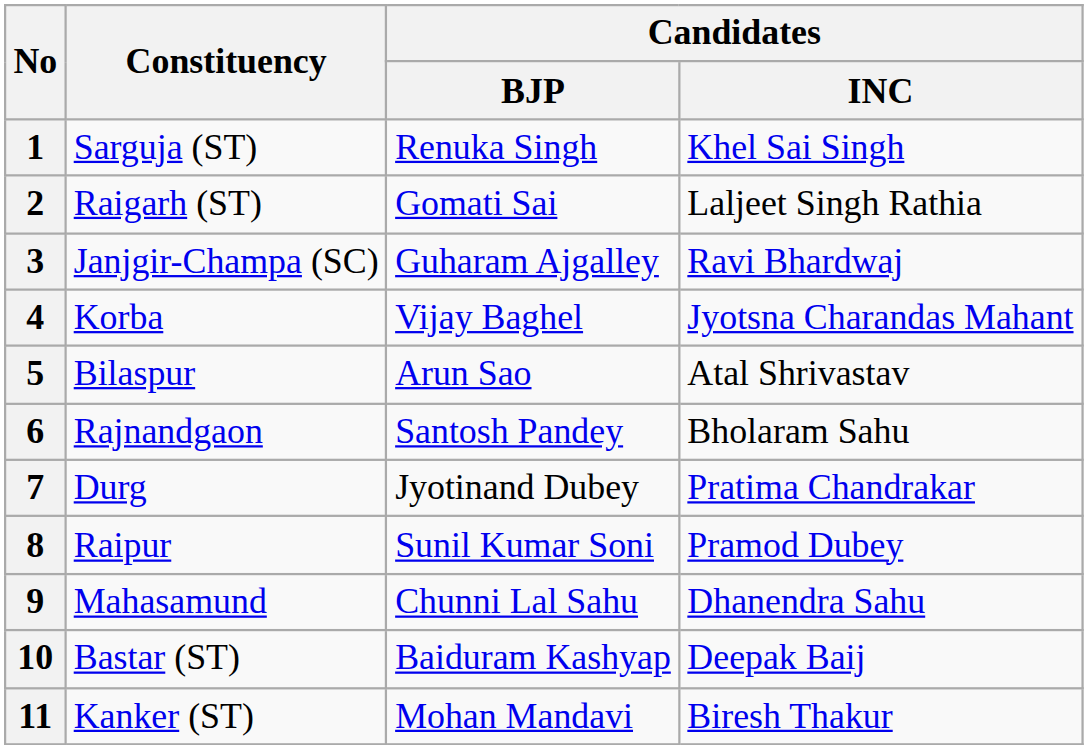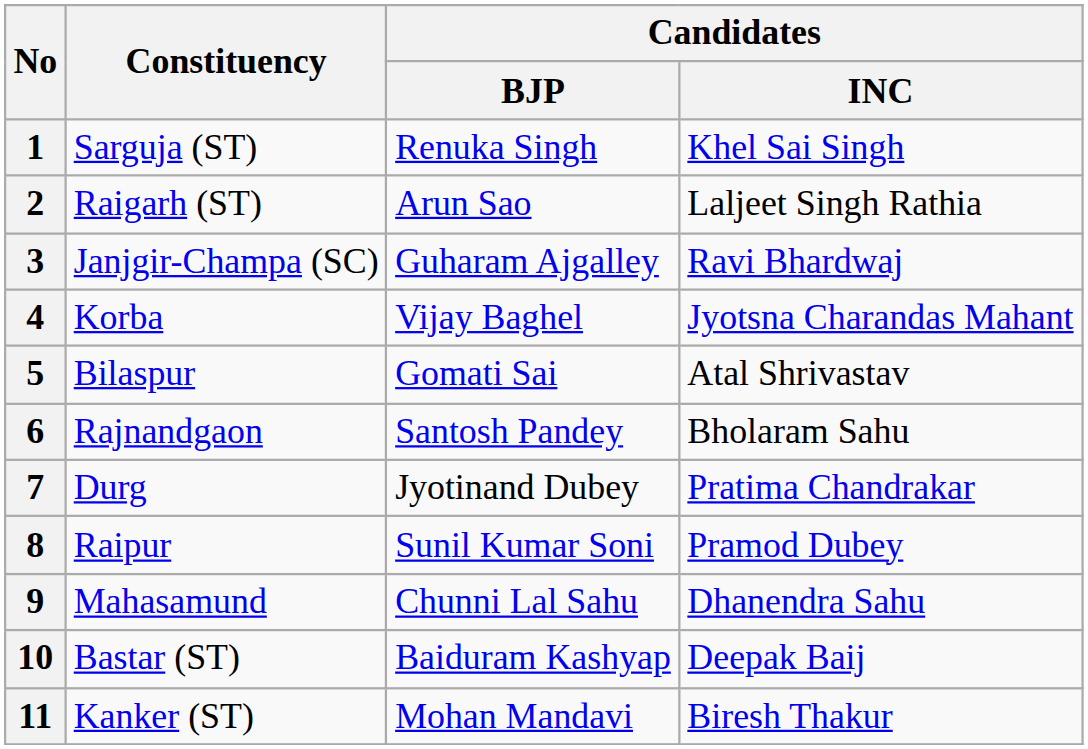 <table class="wikitable sortable">
 <tr>
 <th rowspan="2">No</th>
 <th rowspan="2">Constituency</th>
 <th colspan="2">Candidates</th>
 </tr>
 <tr>
 <th>BJP</th>
 <th>INC</th>
 </tr>
 <tr>
 <th>1</th>
 <td><a href='#'>Sarguja</a> (ST)</td>
 <td><a href='#'>Renuka Singh</a></td>
 <td><a href='#'>Khel Sai Singh</a></td>
 </tr>
 <tr>
 <th>2</th>
 <td><a href='#'>Raigarh</a> (ST)</td>
-<td><a href='#'>Gomati Sai</a></td>
+<td><a href='#'>Arun Sao</a></td>
 <td>Laljeet Singh Rathia</td>
 </tr>
 <tr>
 <th>3</th>
 <td><a href='#'>Janjgir-Champa</a> (SC)</td>
 <td><a href='#'>Guharam Ajgalley</a></td>
 <td><a href='#'>Ravi Bhardwaj</a></td>
 </tr>
 <tr>
 <th>4</th>
 <td><a href='#'>Korba</a></td>
 <td><a href='#'>Vijay Baghel</a></td>
 <td><a href='#'>Jyotsna Charandas Mahant</a></td>
 </tr>
 <tr>
 <th>5</th>
 <td><a href='#'>Bilaspur</a></td>
-<td><a href='#'>Arun Sao</a></td>
+<td><a href='#'>Gomati Sai</a></td>
 <td>Atal Shrivastav</td>
 </tr>
 <tr>
 <th>6</th>
 <td><a href='#'>Rajnandgaon</a></td>
 <td><a href='#'>Santosh Pandey</a></td>
 <td>Bholaram Sahu</td>
 </tr>
 <tr>
 <th>7</th>
 <td><a href='#'>Durg</a></td>
 <td>Jyotinand Dubey</td>
 <td><a href='#'>Pratima Chandrakar</a></td>
 </tr>
 <tr>
 <th>8</th>
 <td><a href='#'>Raipur</a></td>
 <td><a href='#'>Sunil Kumar Soni</a></td>
 <td><a href='#'>Pramod Dubey</a></td>
 </tr>
 <tr>
 <th>9</th>
 <td><a href='#'>Mahasamund</a></td>
 <td><a href='#'>Chunni Lal Sahu</a></td>
 <td><a href='#'>Dhanendra Sahu</a></td>
 </tr>
 <tr>
 <th>10</th>
 <td><a href='#'>Bastar</a> (ST)</td>
 <td><a href='#'>Baiduram Kashyap</a></td>
 <td><a href='#'>Deepak Baij</a></td>
 </tr>
 <tr>
 <th>11</th>
 <td><a href='#'>Kanker</a> (ST)</td>
 <td><a href='#'>Mohan Mandavi</a></td>
 <td><a href='#'>Biresh Thakur</a></td>
 </tr>
 </table>
